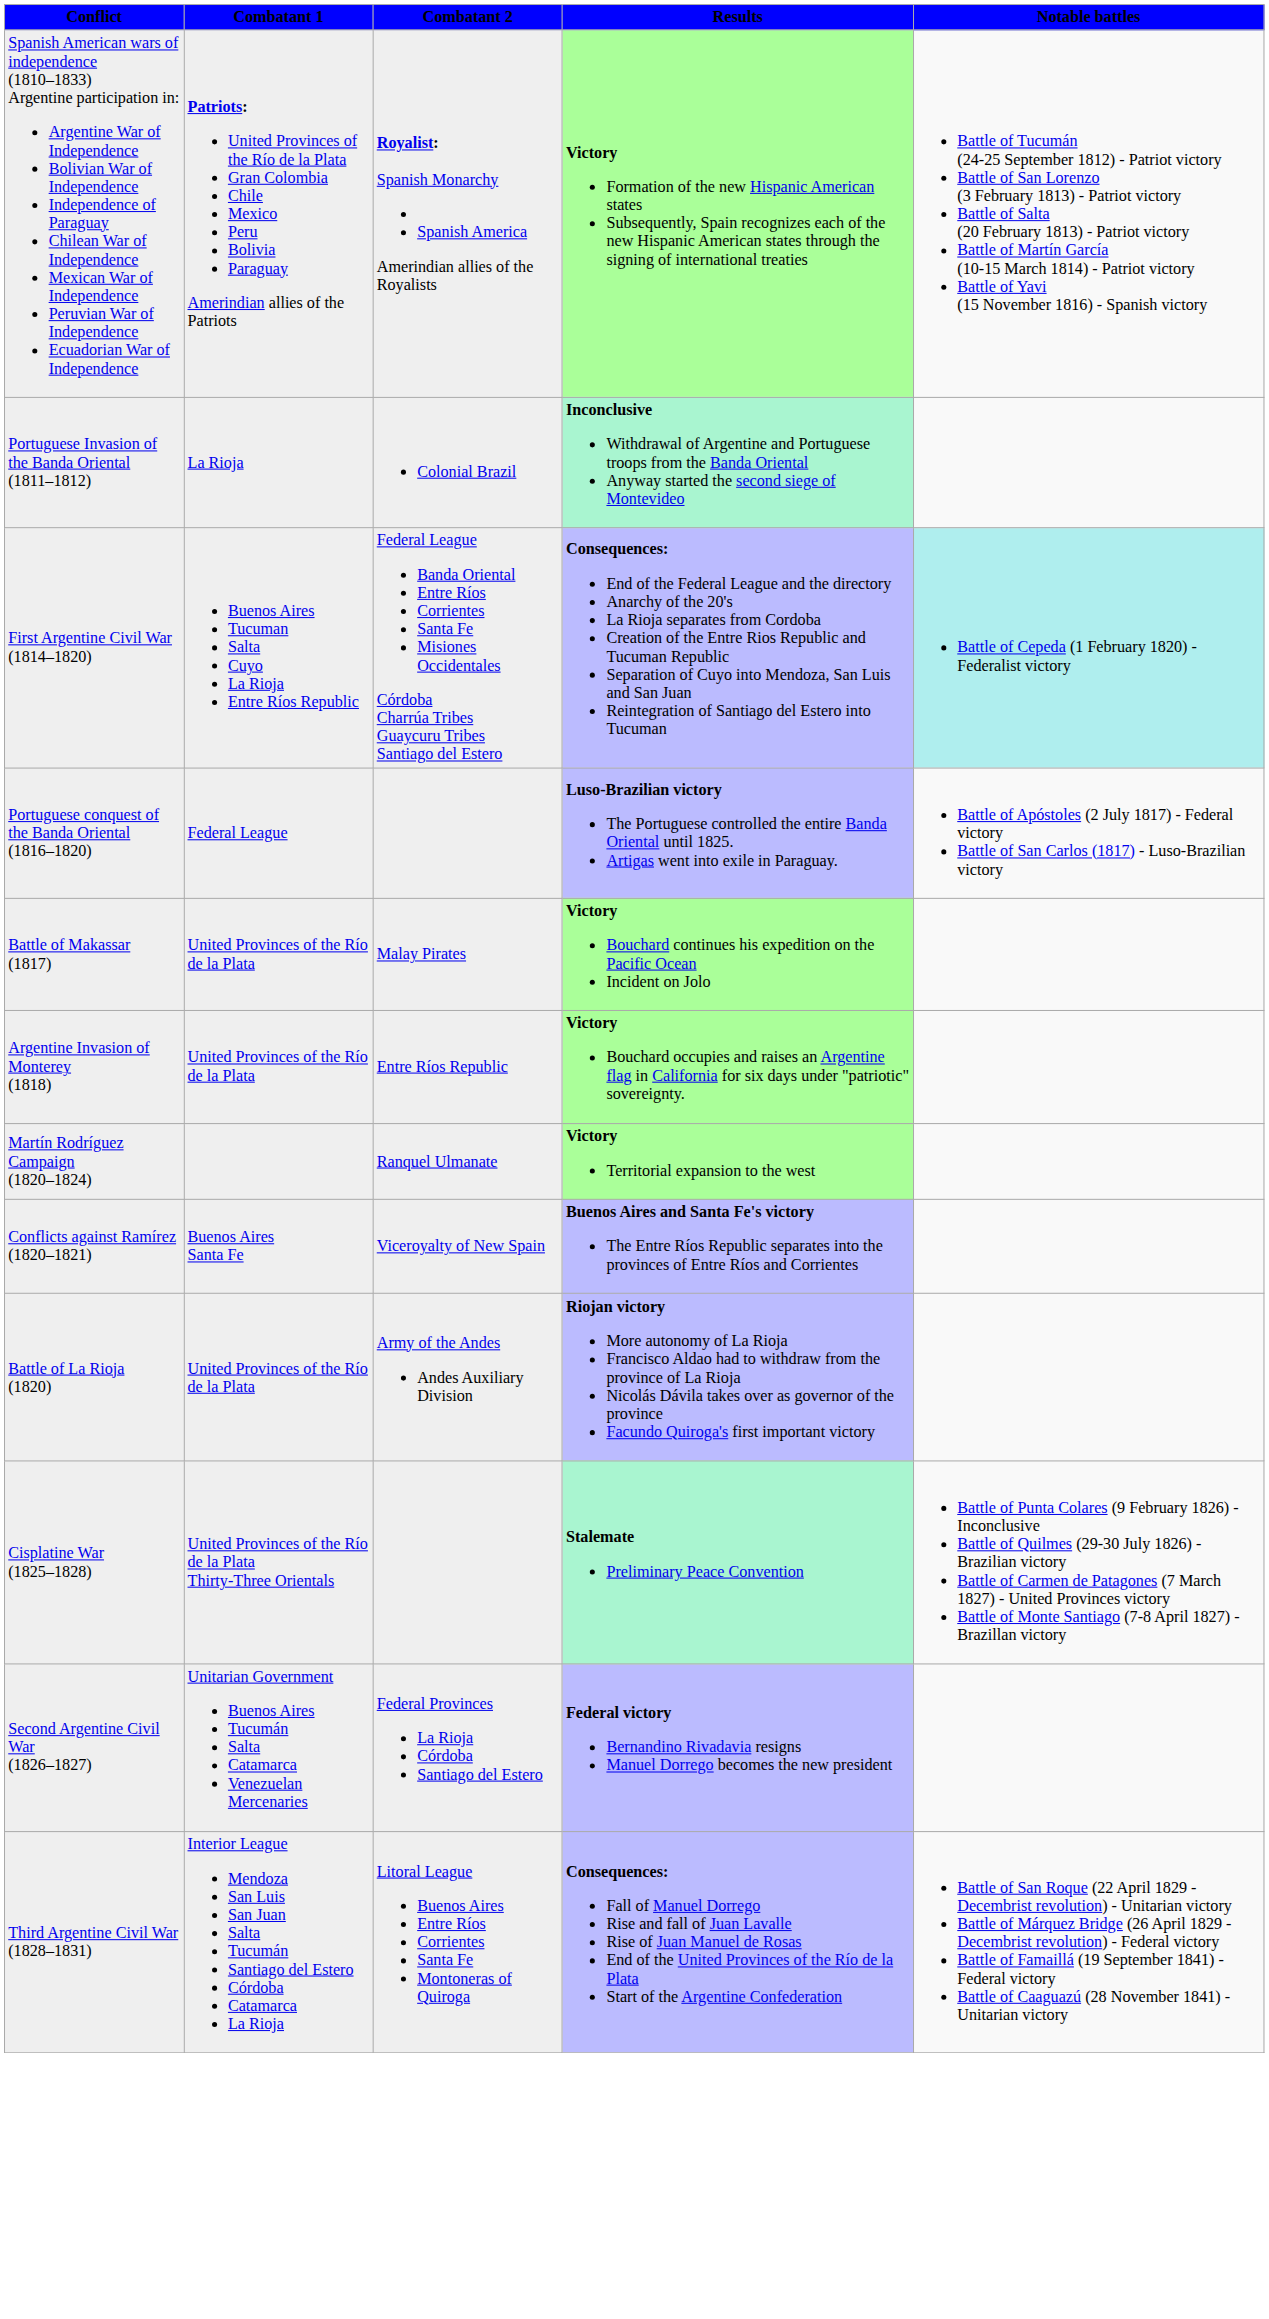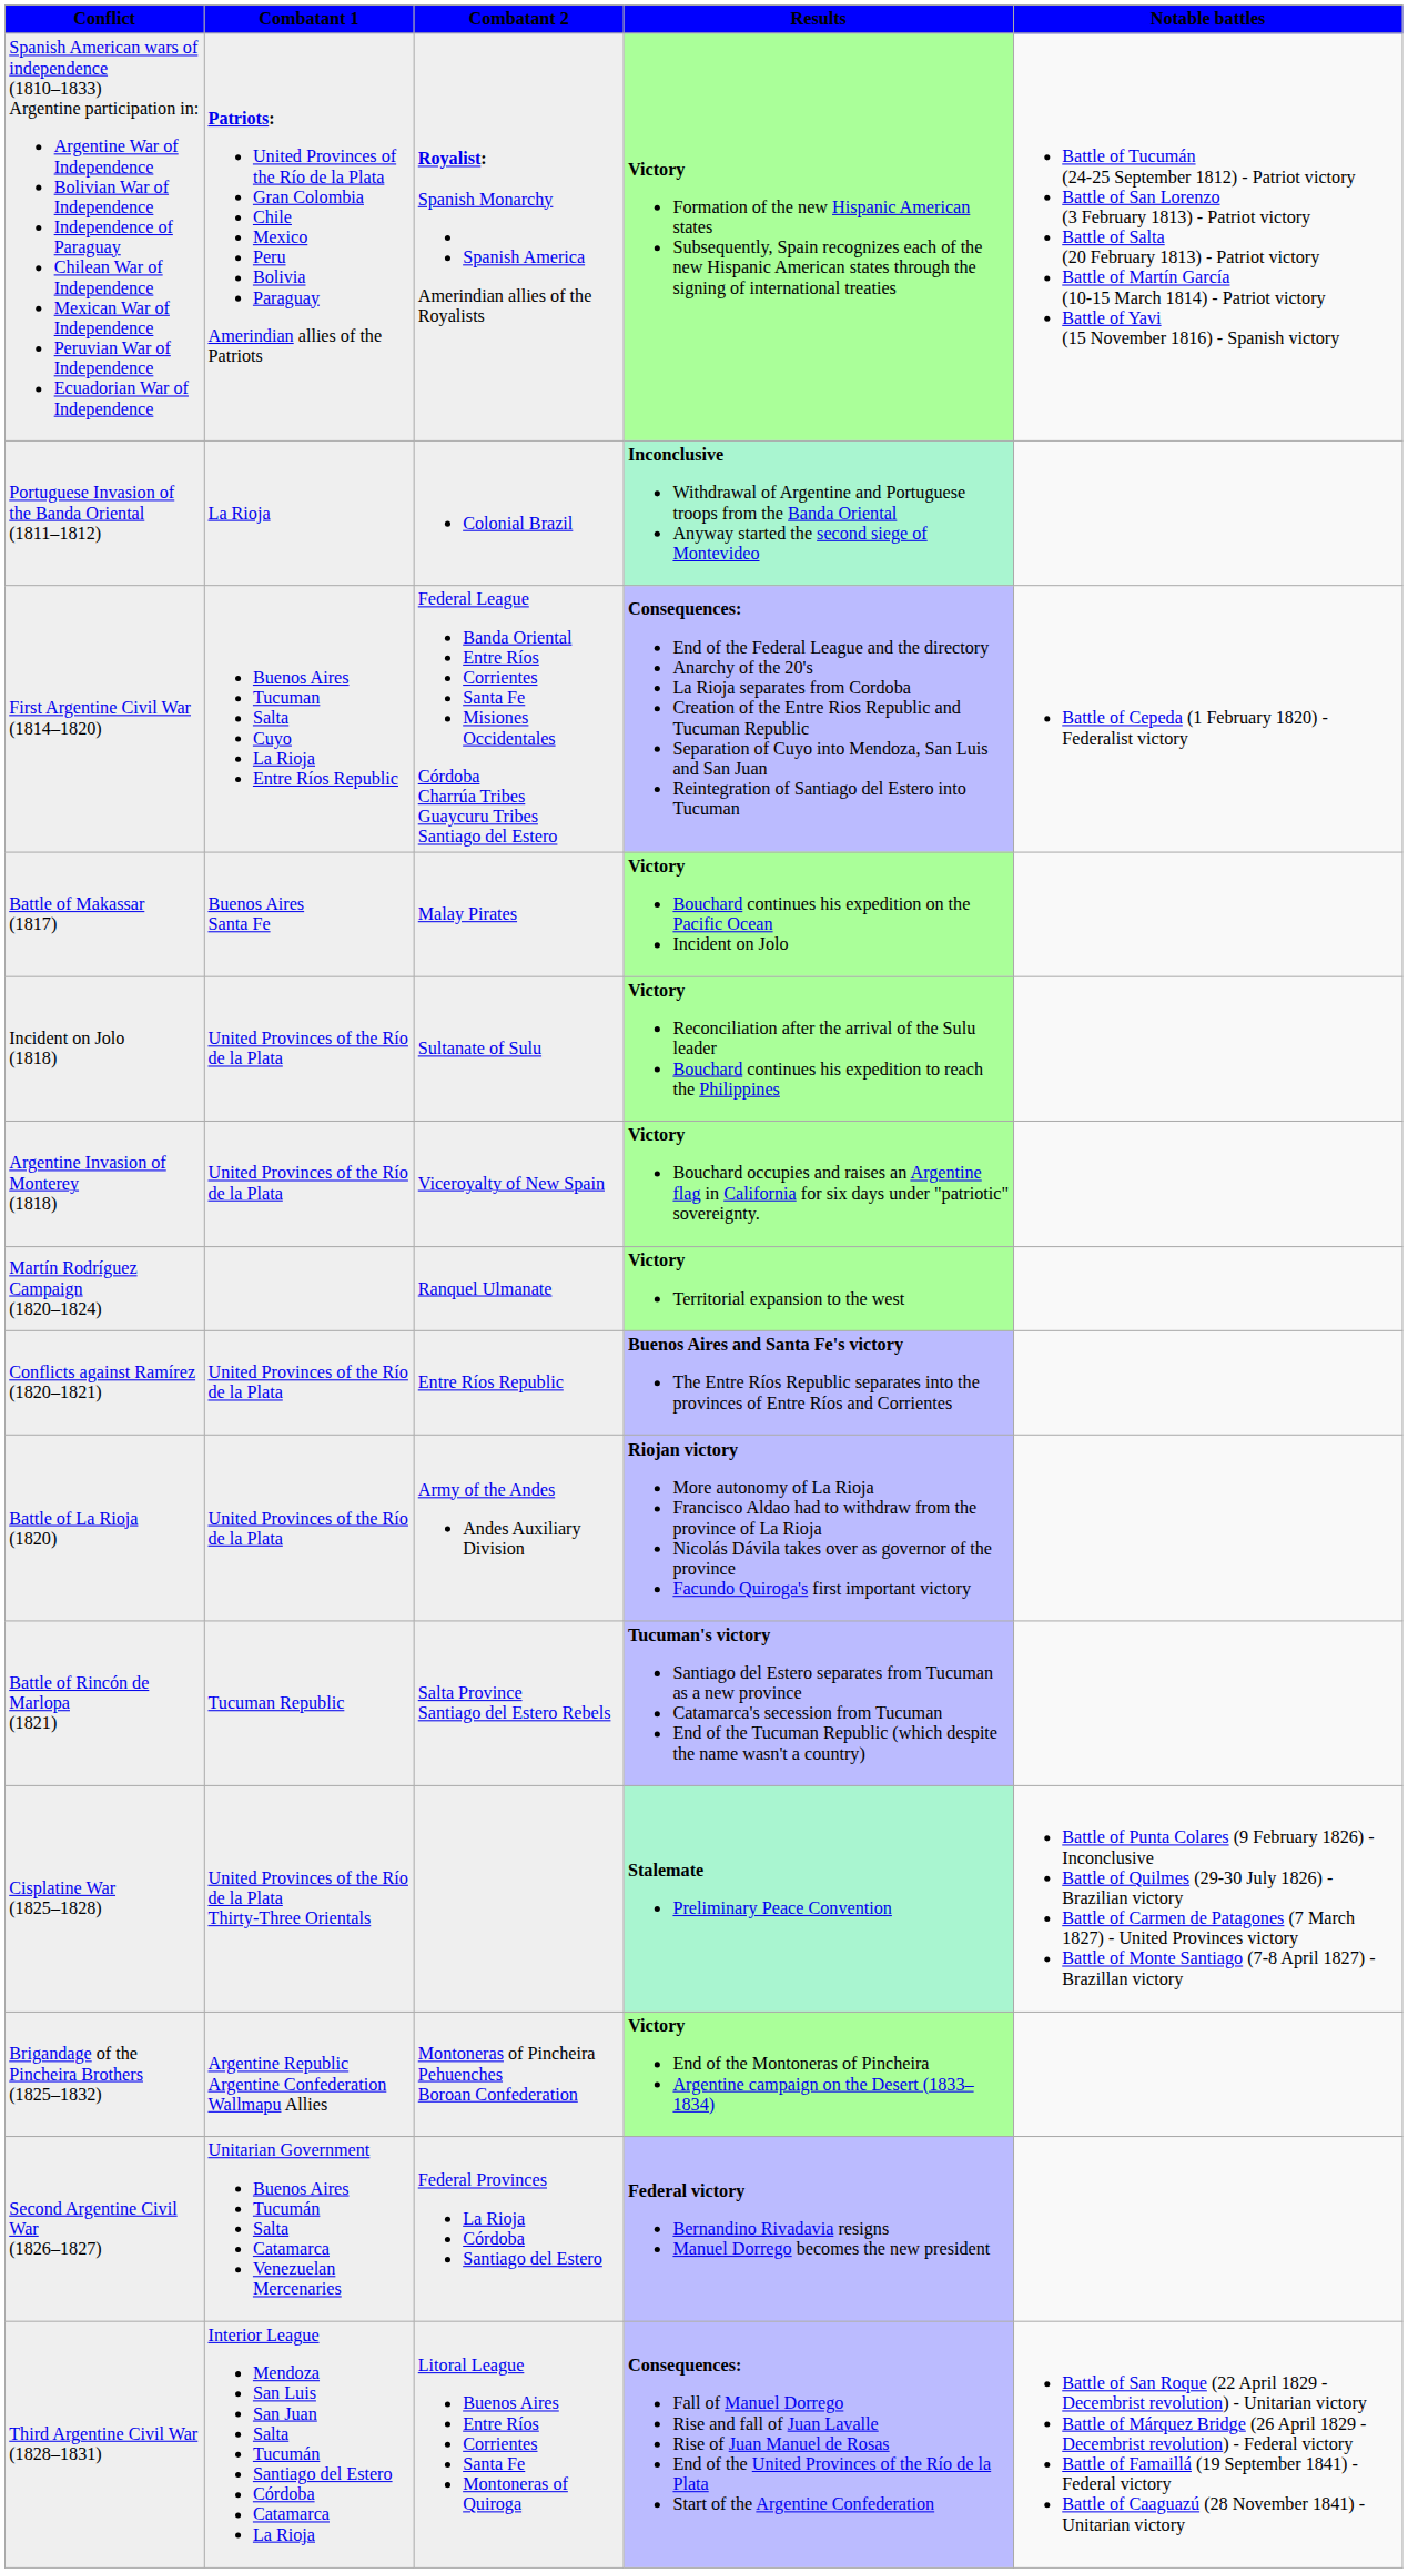 <table class="wikitable">
 <tr>
 <th style="background-color:blue;" rowspan="1"><span>Conflict</span></th>
 <th style="background-color:blue;" rowspan="1" width=180px><span>Combatant 1</span></th>
 <th style="background-color:blue;" rowspan="1" width=180px><span>Combatant 2</span></th>
 <th style="background-color:blue;" rowspan="1" width=340px><span>Results</span></th>
 <th style="background-color:blue;" rowspan="1" width=340px><span> Notable battles </span></th>
 </tr>
 <tr>
 <td style="background:#efefef"><a href='#'>Spanish American wars of independence</a><br>(1810–1833)<br>Argentine participation in:<ul><li><a href='#'>Argentine War of Independence</a></li><li><a href='#'>Bolivian War of Independence</a></li><li><a href='#'>Independence of Paraguay</a></li><li><a href='#'>Chilean War of Independence</a></li><li><a href='#'>Mexican War of Independence</a></li><li><a href='#'>Peruvian War of Independence</a></li><li><a href='#'>Ecuadorian War of Independence</a></li></ul></td>
 <td style="background:#efefef"><strong><a href='#'>Patriots</a>:</strong><br><ul><li> <a href='#'>United Provinces of the Río de la Plata</a></li><li> <a href='#'>Gran Colombia</a></li><li> <a href='#'>Chile</a></li><li> <a href='#'>Mexico</a></li><li> <a href='#'>Peru</a></li><li> <a href='#'>Bolivia</a></li><li> <a href='#'>Paraguay</a></li></ul><a href='#'>Amerindian</a> allies of the Patriots</td>
 <td style="background:#efefef"><strong><a href='#'>Royalist</a>:</strong><br><br> <a href='#'>Spanish Monarchy</a><ul><li></li><li> <a href='#'>Spanish America</a></li></ul>Amerindian allies of the Royalists</td>
 <td style="background:#AF9"><strong>Victory</strong><br><ul><li>Formation of the new <a href='#'>Hispanic American</a> states</li><li>Subsequently, Spain recognizes each of the new Hispanic American states through the signing of international treaties</li></ul></td>
 <td><br><ul><li><a href='#'>Battle of Tucumán</a><br>(24-25 September 1812) - Patriot victory</li><li><a href='#'>Battle of San Lorenzo</a><br>(3 February 1813) - Patriot victory</li><li><a href='#'>Battle of Salta</a><br>(20 February 1813) - Patriot victory</li><li><a href='#'>Battle of Martín García</a><br>(10-15 March 1814) - Patriot victory</li><li><a href='#'>Battle of Yavi</a><br>(15 November 1816) - Spanish victory</li></ul></td>
 </tr>
 <tr>
 <td style="background:#efefef"><a href='#'>Portuguese Invasion of the Banda Oriental</a><br>(1811–1812)</td>
 <td style="background:#efefef"> <a href='#'>La Rioja</a></td>
 <td style="background:#efefef"><br><ul><li> <a href='#'>Colonial Brazil</a></li></ul></td>
 <td style="background:#A9F5D0"><strong>Inconclusive</strong><br><ul><li>Withdrawal of Argentine and Portuguese troops from the <a href='#'>Banda Oriental</a></li><li>Anyway started the <a href='#'>second siege of Montevideo</a></li></ul></td>
 <td></td>
 </tr>
 <tr>
 <td style="background:#efefef"><a href='#'>First Argentine Civil War</a><br>(1814–1820)</td>
 <td style="background:#efefef"><br><ul><li> <a href='#'>Buenos Aires</a></li><li> <a href='#'>Tucuman</a></li><li> <a href='#'>Salta</a></li><li> <a href='#'>Cuyo</a></li><li> <a href='#'>La Rioja</a></li><li> <a href='#'>Entre Ríos Republic</a></li></ul></td>
 <td style="background:#efefef"> <a href='#'>Federal League</a><br><ul><li> <a href='#'>Banda Oriental</a></li><li> <a href='#'>Entre Ríos</a></li><li> <a href='#'>Corrientes</a></li><li> <a href='#'>Santa Fe</a></li><li> <a href='#'>Misiones Occidentales</a></li></ul> <a href='#'>Córdoba</a><br> <a href='#'>Charrúa Tribes</a><br> <a href='#'>Guaycuru Tribes</a><br> <a href='#'>Santiago del Estero</a></td>
 <td style="background:#BBF"><strong>Consequences:</strong><br><ul><li>End of the Federal League and the directory</li><li>Anarchy of the 20's</li><li>La Rioja separates from Cordoba</li><li>Creation of the Entre Rios Republic and Tucuman Republic</li><li>Separation of Cuyo into Mendoza, San Luis and San Juan</li><li>Reintegration of Santiago del Estero into Tucuman</li></ul></td>
-<td style="background: paleturquoise;"><br><ul><li><a href='#'>Battle of Cepeda</a> (1 February 1820) - Federalist victory</li></ul></td>
-</tr>
-<tr>
-<td style="background:#efefef"><a href='#'>Portuguese conquest of the Banda Oriental</a> (1816–1820)</td>
-<td style="background:#efefef"> <a href='#'>Federal League</a></td>
-<td style="background:#efefef"></td>
-<td style="background:#BBF"><strong>Luso-Brazilian victory</strong><br><ul><li>The Portuguese controlled the entire <a href='#'>Banda Oriental</a> until 1825.</li><li><a href='#'>Artigas</a> went into exile in Paraguay.</li></ul></td>
-<td><br><ul><li><a href='#'>Battle of Apóstoles</a> (2 July 1817) - Federal victory</li><li><a href='#'>Battle of San Carlos (1817)</a> - Luso-Brazilian victory</li></ul></td>
+<td><br><ul><li><a href='#'>Battle of Cepeda</a> (1 February 1820) - Federalist victory</li></ul></td>
 </tr>
 <tr>
 <td style="background:#efefef"><a href='#'>Battle of Makassar</a><br>(1817)</td>
-<td style="background:#efefef"> <a href='#'>United Provinces of the Río de la Plata</a></td>
+<td style="background:#efefef"> <a href='#'>Buenos Aires</a><br> <a href='#'>Santa Fe</a></td>
 <td style="background:#efefef"> <a href='#'>Malay Pirates</a></td>
 <td style="background:#AF9"><strong>Victory</strong><br><ul><li><a href='#'>Bouchard</a> continues his expedition on the <a href='#'>Pacific Ocean</a></li><li>Incident on Jolo</li></ul></td>
 <td></td>
 </tr>
 <tr>
+<td style="background:#efefef">Incident on Jolo<br>(1818)</td>
+<td style="background:#efefef"> <a href='#'>United Provinces of the Río de la Plata</a></td>
+<td style="background:#efefef"> <a href='#'>Sultanate of Sulu</a></td>
+<td style="background:#AF9"><strong>Victory</strong><br><ul><li>Reconciliation after the arrival of the Sulu leader</li><li><a href='#'>Bouchard</a> continues his expedition to reach the <a href='#'>Philippines</a></li></ul></td>
+<td></td>
+</tr>
+<tr>
 <td style="background:#efefef"><a href='#'>Argentine Invasion of Monterey</a><br>(1818)</td>
 <td style="background:#efefef"> <a href='#'>United Provinces of the Río de la Plata</a></td>
-<td style="background:#efefef"> <a href='#'>Entre Ríos Republic</a></td>
+<td style="background:#efefef"> <a href='#'>Viceroyalty of New Spain</a></td>
 <td style="background:#AF9"><strong>Victory</strong><br><ul><li>Bouchard occupies and raises an <a href='#'>Argentine flag</a> in <a href='#'>California</a> for six days under "patriotic" sovereignty.</li></ul></td>
 <td></td>
 </tr>
 <tr>
 <td style="background:#efefef"><a href='#'>Martín Rodríguez Campaign</a><br>(1820–1824)</td>
 <td style="background:#efefef"></td>
 <td style="background:#efefef"><a href='#'>Ranquel Ulmanate</a></td>
 <td style="background:#AF9"><strong>Victory</strong><br><ul><li>Territorial expansion to the west</li></ul></td>
 <td></td>
 </tr>
 <tr>
 <td style="background:#efefef"><a href='#'>Conflicts against Ramírez</a><br>(1820–1821)</td>
-<td style="background:#efefef"> <a href='#'>Buenos Aires</a><br> <a href='#'>Santa Fe</a></td>
-<td style="background:#efefef"> <a href='#'>Viceroyalty of New Spain</a></td>
+<td style="background:#efefef"> <a href='#'>United Provinces of the Río de la Plata</a></td>
+<td style="background:#efefef"> <a href='#'>Entre Ríos Republic</a></td>
 <td style="background:#BBF"><strong>Buenos Aires and Santa Fe's victory</strong><br><ul><li>The Entre Ríos Republic separates into the provinces of Entre Ríos and Corrientes</li></ul></td>
 <td></td>
 </tr>
 <tr>
 <td style="background:#efefef"><a href='#'>Battle of La Rioja</a><br>(1820)</td>
 <td style="background:#efefef"> <a href='#'>United Provinces of the Río de la Plata</a></td>
 <td style="background:#efefef"> <a href='#'>Army of the Andes</a><br><ul><li>Andes Auxiliary Division</li></ul></td>
 <td style="background:#BBF"><strong>Riojan victory</strong><br><ul><li>More autonomy of La Rioja</li><li>Francisco Aldao had to withdraw from the province of La Rioja</li><li>Nicolás Dávila takes over as governor of the province</li><li><a href='#'>Facundo Quiroga's</a> first important victory</li></ul></td>
 <td></td>
 </tr>
 <tr>
+<td style="background:#efefef"><a href='#'>Battle of Rincón de Marlopa</a><br>(1821)</td>
+<td style="background:#efefef"> <a href='#'>Tucuman Republic</a></td>
+<td style="background:#efefef"> <a href='#'>Salta Province</a><br> <a href='#'>Santiago del Estero Rebels</a></td>
+<td style="background:#BBF"><strong>Tucuman's victory</strong><br><ul><li>Santiago del Estero separates from Tucuman as a new province</li><li>Catamarca's secession from Tucuman</li><li>End of the Tucuman Republic (which despite the name wasn't a country)</li></ul></td>
+<td></td>
+</tr>
+<tr>
 <td style="background:#efefef"><a href='#'>Cisplatine War</a><br>(1825–1828)</td>
 <td style="background:#efefef"> <a href='#'>United Provinces of the Río de la Plata</a><br> <a href='#'>Thirty-Three Orientals</a></td>
 <td style="background:#efefef"></td>
 <td style="background:#A9F5D0"><strong>Stalemate</strong><br><ul><li><a href='#'>Preliminary Peace Convention</a></li></ul></td>
 <td><br><ul><li><a href='#'>Battle of Punta Colares</a> (9 February 1826) - Inconclusive</li><li><a href='#'>Battle of Quilmes</a> (29-30 July 1826) - Brazilian victory</li><li><a href='#'>Battle of Carmen de Patagones</a> (7 March 1827) - United Provinces victory</li><li><a href='#'>Battle of Monte Santiago</a> (7-8 April 1827) - Brazillan victory</li></ul></td>
+</tr>
+<tr>
+<td style="background:#efefef"><a href='#'>Brigandage</a> of the <a href='#'>Pincheira Brothers</a><br>(1825–1832)</td>
+<td style="background:#efefef"><br> <a href='#'>Argentine Republic</a> <br> <a href='#'>Argentine Confederation</a> <br> <a href='#'>Wallmapu</a> Allies</td>
+<td style="background:#efefef"> <a href='#'>Montoneras</a> of Pincheira<br> <a href='#'>Pehuenches</a><br> <a href='#'>Boroan Confederation</a></td>
+<td style="background:#AF9"><strong>Victory</strong><br><ul><li>End of the Montoneras of Pincheira</li><li><a href='#'>Argentine campaign on the Desert (1833–1834)</a></li></ul></td>
+<td></td>
 </tr>
 <tr>
 <td style="background:#efefef"><a href='#'>Second Argentine Civil War</a><br>(1826–1827)</td>
 <td style="background:#efefef"> <a href='#'>Unitarian Government</a><br><ul><li> <a href='#'>Buenos Aires</a></li><li> <a href='#'>Tucumán</a></li><li> <a href='#'>Salta</a></li><li> <a href='#'>Catamarca</a></li><li> <a href='#'>Venezuelan Mercenaries</a></li></ul></td>
 <td style="background:#efefef"> <a href='#'>Federal Provinces</a><br><ul><li> <a href='#'>La Rioja</a></li><li> <a href='#'>Córdoba</a></li><li> <a href='#'>Santiago del Estero</a></li></ul></td>
 <td style="background:#BBF"><strong>Federal victory</strong><br><ul><li><a href='#'>Bernandino Rivadavia</a> resigns</li><li><a href='#'>Manuel Dorrego</a> becomes the new president</li></ul></td>
 <td></td>
 </tr>
 <tr>
 <td style="background:#efefef"><a href='#'>Third Argentine Civil War</a><br>(1828–1831)</td>
 <td style="background:#efefef"> <a href='#'>Interior League</a><br><ul><li> <a href='#'>Mendoza</a></li><li> <a href='#'>San Luis</a></li><li> <a href='#'>San Juan</a></li><li> <a href='#'>Salta</a></li><li> <a href='#'>Tucumán</a></li><li> <a href='#'>Santiago del Estero</a></li><li> <a href='#'>Córdoba</a></li><li> <a href='#'>Catamarca</a></li><li> <a href='#'>La Rioja</a></li></ul></td>
 <td style="background:#efefef"> <a href='#'>Litoral League</a><br><ul><li> <a href='#'>Buenos Aires</a></li><li> <a href='#'>Entre Ríos</a></li><li> <a href='#'>Corrientes</a></li><li> <a href='#'>Santa Fe</a></li><li><a href='#'>Montoneras of Quiroga</a></li></ul></td>
 <td style="background:#BBF"><strong>Consequences:</strong><br><ul><li>Fall of <a href='#'>Manuel Dorrego</a></li><li>Rise and fall of <a href='#'>Juan Lavalle</a></li><li>Rise of <a href='#'>Juan Manuel de Rosas</a></li><li>End of the <a href='#'>United Provinces of the Río de la Plata</a></li><li>Start of the <a href='#'>Argentine Confederation</a></li></ul></td>
 <td><br><ul><li><a href='#'>Battle of San Roque</a> (22 April 1829 - <a href='#'>Decembrist revolution</a>) - Unitarian victory</li><li><a href='#'>Battle of Márquez Bridge</a> (26 April 1829 - <a href='#'>Decembrist revolution</a>) - Federal victory</li><li><a href='#'>Battle of Famaillá</a> (19 September 1841) - Federal victory</li><li><a href='#'>Battle of Caaguazú</a> (28 November 1841) - Unitarian victory</li></ul></td>
 </tr>
 </table>
